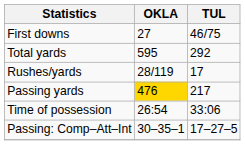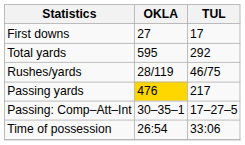 <table class="wikitable" style="float: left;">
 <tr>
 <th>Statistics</th>
 <th>OKLA</th>
 <th>TUL</th>
 </tr>
 <tr>
 <td>First downs</td>
 <td>27</td>
-<td>46/75</td>
+<td>17</td>
 </tr>
 <tr>
 <td>Total yards</td>
 <td>595</td>
 <td>292</td>
 </tr>
 <tr>
 <td>Rushes/yards</td>
 <td>28/119</td>
-<td>17</td>
+<td>46/75</td>
 </tr>
 <tr>
 <td>Passing yards</td>
 <td style="background: gold;">476</td>
 <td>217</td>
 </tr>
 <tr>
+<td>Passing: Comp–Att–Int</td>
+<td>30–35–1</td>
+<td>17–27–5</td>
+</tr>
+<tr>
 <td>Time of possession</td>
 <td>26:54</td>
 <td>33:06</td>
 </tr>
 <tr>
-<td>Passing: Comp–Att–Int</td>
-<td>30–35–1</td>
-<td>17–27–5</td>
-</tr>
-<tr>
 </tr>
 </table>
